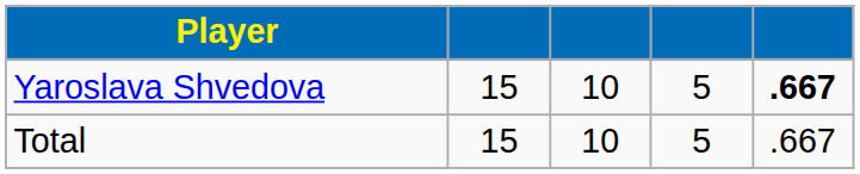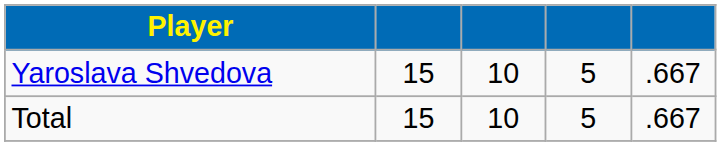 <table class="wikitable" style="text-align:center">
 <tr>
 <th style="background:#006bb6; color:#fff200" width="200px">Player</th>
 <th style="background:#006bb6; color:#fff200" width="40px"></th>
 <th style="background:#006bb6; color:#fff200" width="40px"></th>
 <th style="background:#006bb6; color:#fff200" width="40px"></th>
 <th style="background:#006bb6; color:#fff200" width="40px"></th>
 </tr>
 <tr>
 <td style="text-align:left"><a href='#'>Yaroslava Shvedova</a></td>
 <td>15</td>
 <td>10</td>
 <td>5</td>
-<td><strong>.667</strong></td>
+<td>.667</td>
 </tr>
 <tr>
 <td style="text-align:left">Total</td>
 <td>15</td>
 <td>10</td>
 <td>5</td>
 <td>.667</td>
 </tr>
 </table>
